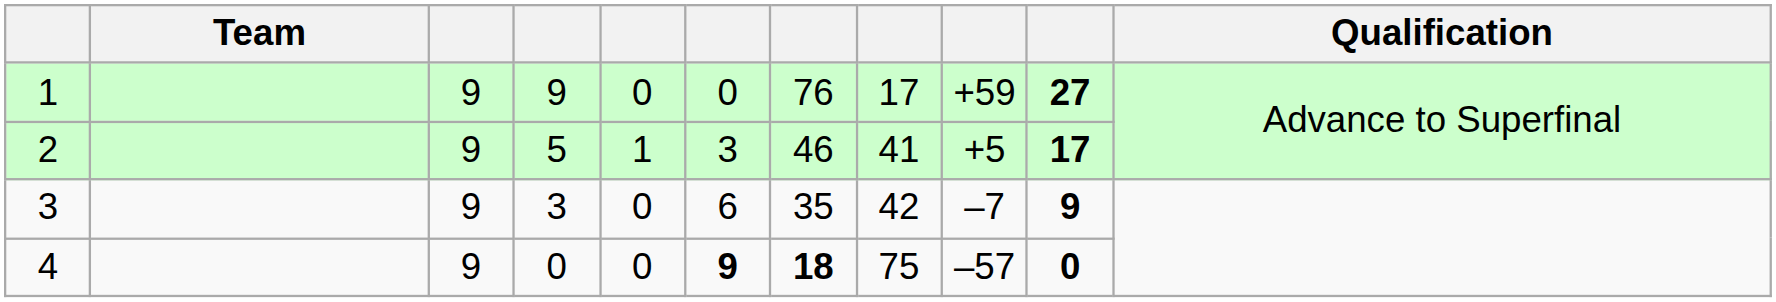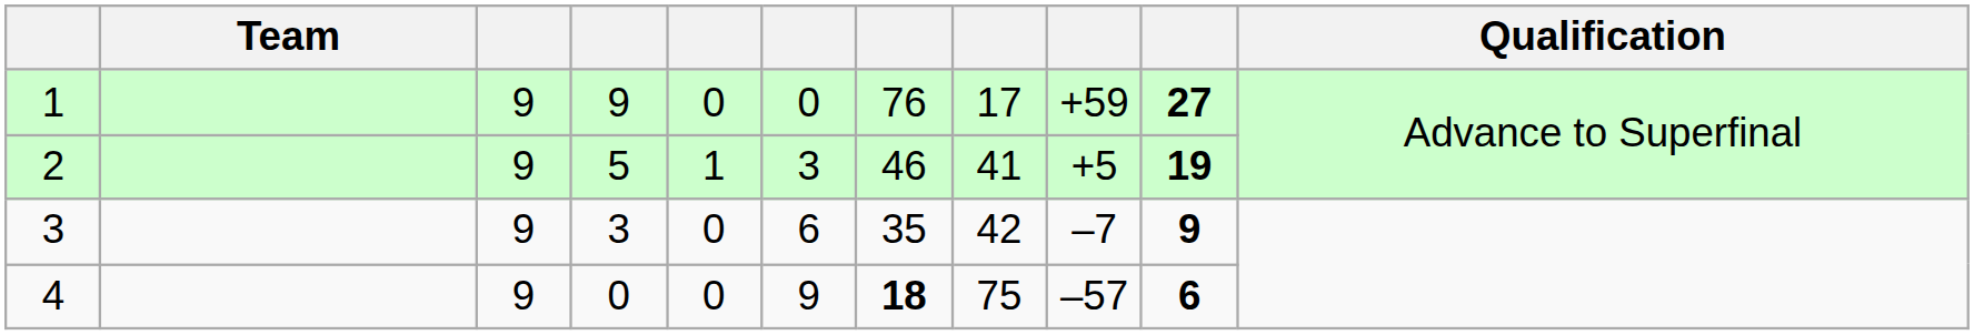 <table class="wikitable" style="text-align: center; font-size: 100%;">
 <tr>
 <th width="30"></th>
 <th width="140">Team</th>
 <th width="30"></th>
 <th width="30"></th>
 <th width="30"></th>
 <th width="30"></th>
 <th width="30"></th>
 <th width="30"></th>
 <th width="30"></th>
 <th width="30"></th>
 <th width="280">Qualification</th>
 </tr>
 <tr style="background-color: #ccffcc;">
 <td>1</td>
 <td align=left></td>
 <td>9</td>
 <td>9</td>
 <td>0</td>
 <td>0</td>
 <td>76</td>
 <td>17</td>
 <td>+59</td>
 <td><strong>27</strong></td>
 <td rowspan="2">Advance to Superfinal</td>
 </tr>
 <tr style="background-color: #ccffcc;">
 <td>2</td>
 <td align=left></td>
 <td>9</td>
 <td>5</td>
 <td>1</td>
 <td>3</td>
 <td>46</td>
 <td>41</td>
 <td>+5</td>
-<td><strong>17</strong></td>
+<td><strong>19</strong></td>
 </tr>
 <tr style="background-color:">
 <td>3</td>
 <td align=left></td>
 <td>9</td>
 <td>3</td>
 <td>0</td>
 <td>6</td>
 <td>35</td>
 <td>42</td>
 <td>–7</td>
 <td><strong>9</strong></td>
 <td rowspan="2"></td>
 </tr>
 <tr style="background-color:">
 <td>4</td>
 <td align=left></td>
 <td>9</td>
 <td>0</td>
 <td>0</td>
-<td><strong>9</strong></td>
+<td>9</td>
 <td><strong>18</strong></td>
 <td>75</td>
 <td>–57</td>
-<td><strong>0</strong></td>
+<td><strong>6</strong></td>
 </tr>
 </table>
